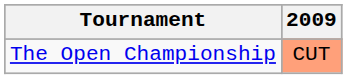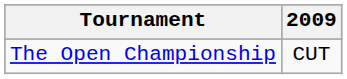 <table class="wikitable" style="font-size:95%;text-align:center;">
 <tr>
 <th>Tournament</th>
 <th>2009</th>
 </tr>
 <tr>
 <td align=left><a href='#'>The Open Championship</a></td>
-<td style="background: lightsalmon;">CUT</td>
+<td>CUT</td>
 </tr>
 </table>
